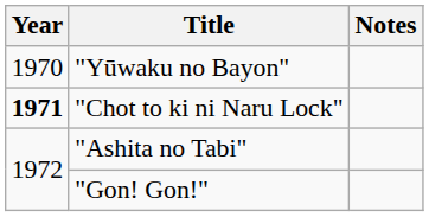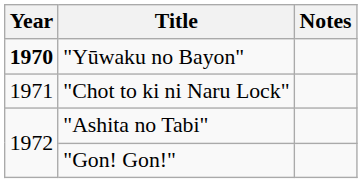 <table class="wikitable">
 <tr>
 <th>Year</th>
 <th>Title</th>
 <th>Notes</th>
 </tr>
 <tr>
-<td>1970</td>
+<td><strong>1970</strong></td>
 <td>"Yūwaku no Bayon"</td>
 <td></td>
 </tr>
 <tr>
-<td><strong>1971</strong></td>
+<td>1971</td>
 <td>"Chot to ki ni Naru Lock"</td>
 <td></td>
 </tr>
 <tr>
 <td rowspan="2">1972</td>
 <td>"Ashita no Tabi"</td>
 <td></td>
 </tr>
 <tr>
 <td>"Gon! Gon!"</td>
 <td></td>
 </tr>
 </table>
